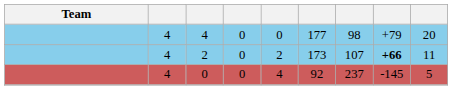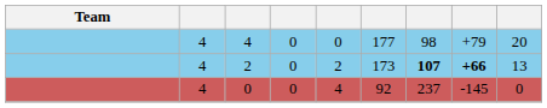 <table class="wikitable sortable" style="text-align:center">
 <tr>
 <th width="175">Team</th>
 <th width="40"></th>
 <th width="40"></th>
 <th width="40"></th>
 <th width="40"></th>
 <th width="40"></th>
 <th width="40"></th>
 <th width="40"></th>
 <th width="40"></th>
 </tr>
 <tr style="background:#87ceeb">
 <td align="left"></td>
 <td>4</td>
 <td>4</td>
 <td>0</td>
 <td>0</td>
 <td>177</td>
 <td>98</td>
 <td>+79</td>
 <td>20</td>
 </tr>
 <tr style="background:#87ceeb">
 <td align="left"></td>
 <td>4</td>
 <td>2</td>
 <td>0</td>
 <td>2</td>
 <td>173</td>
-<td>107</td>
+<td><strong>107</strong></td>
 <td><strong>+66</strong></td>
-<td>11</td>
+<td>13</td>
 </tr>
 <tr style="background:#cd5c5c">
 <td align="left"></td>
 <td>4</td>
 <td>0</td>
 <td>0</td>
 <td>4</td>
 <td>92</td>
 <td>237</td>
 <td>-145</td>
-<td>5</td>
+<td>0</td>
 </tr>
 <tr>
 </tr>
 </table>
